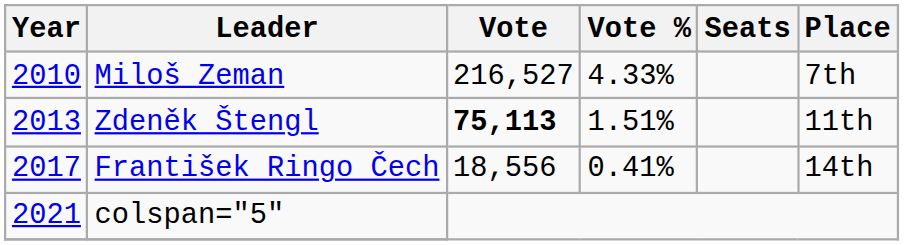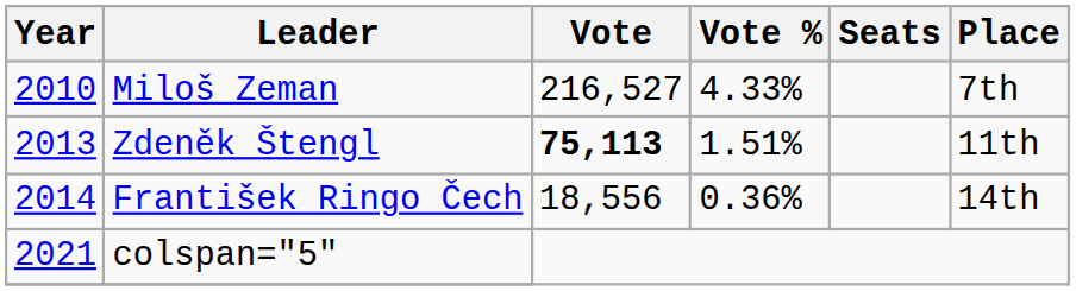 <table class="wikitable">
 <tr>
 <th>Year</th>
 <th>Leader</th>
 <th>Vote</th>
 <th>Vote %</th>
 <th>Seats</th>
 <th>Place</th>
 </tr>
 <tr>
 <td><a href='#'>2010</a></td>
 <td><a href='#'>Miloš Zeman</a></td>
 <td>216,527</td>
 <td>4.33%</td>
 <td></td>
 <td>7th</td>
 </tr>
 <tr>
 <td><a href='#'>2013</a></td>
 <td><a href='#'>Zdeněk Štengl</a></td>
 <td><strong>75,113</strong></td>
 <td>1.51%</td>
 <td></td>
 <td>11th</td>
 </tr>
 <tr>
-<td><a href='#'>2017</a></td>
+<td><a href='#'>2014</a></td>
 <td><a href='#'>František Ringo Čech</a></td>
 <td>18,556</td>
-<td>0.41%</td>
+<td>0.36%</td>
 <td></td>
 <td>14th</td>
 </tr>
 <tr>
 <td><a href='#'>2021</a></td>
 <td>colspan="5" </td>
 </tr>
 <tr>
 </tr>
 </table>
